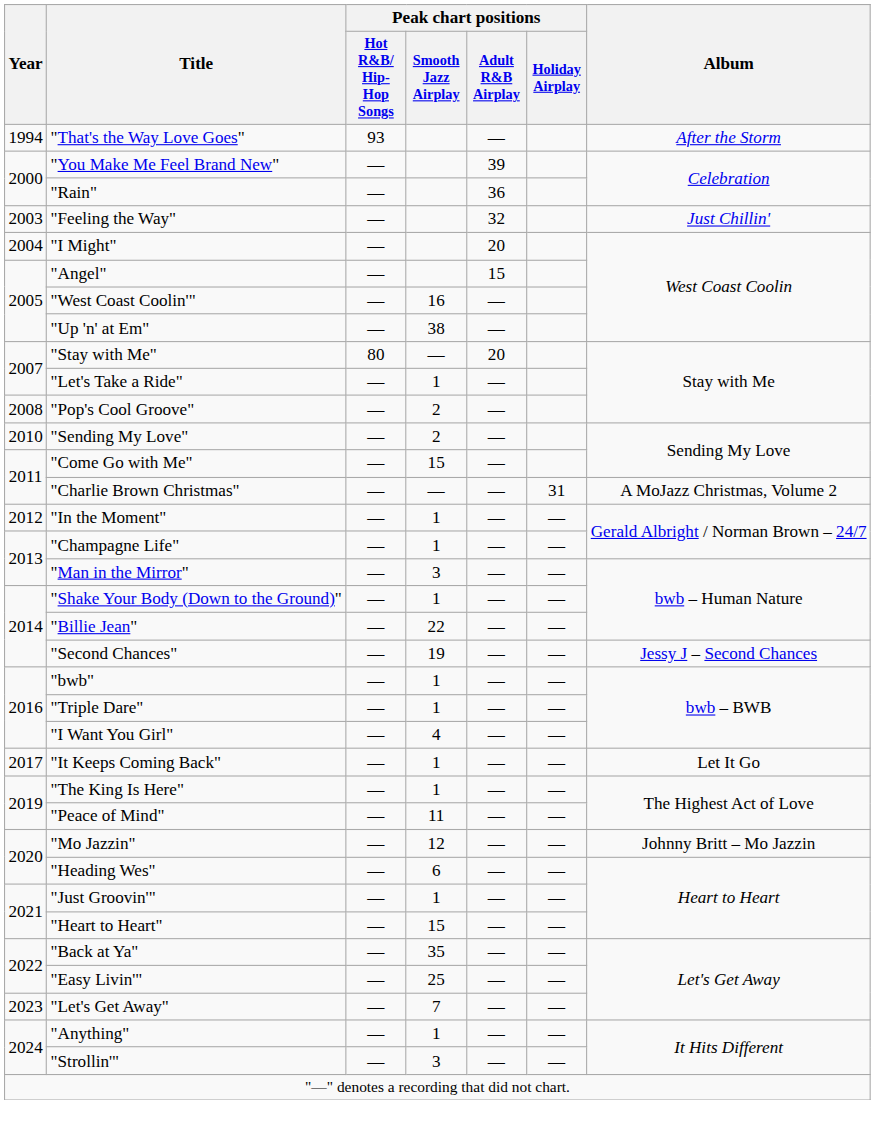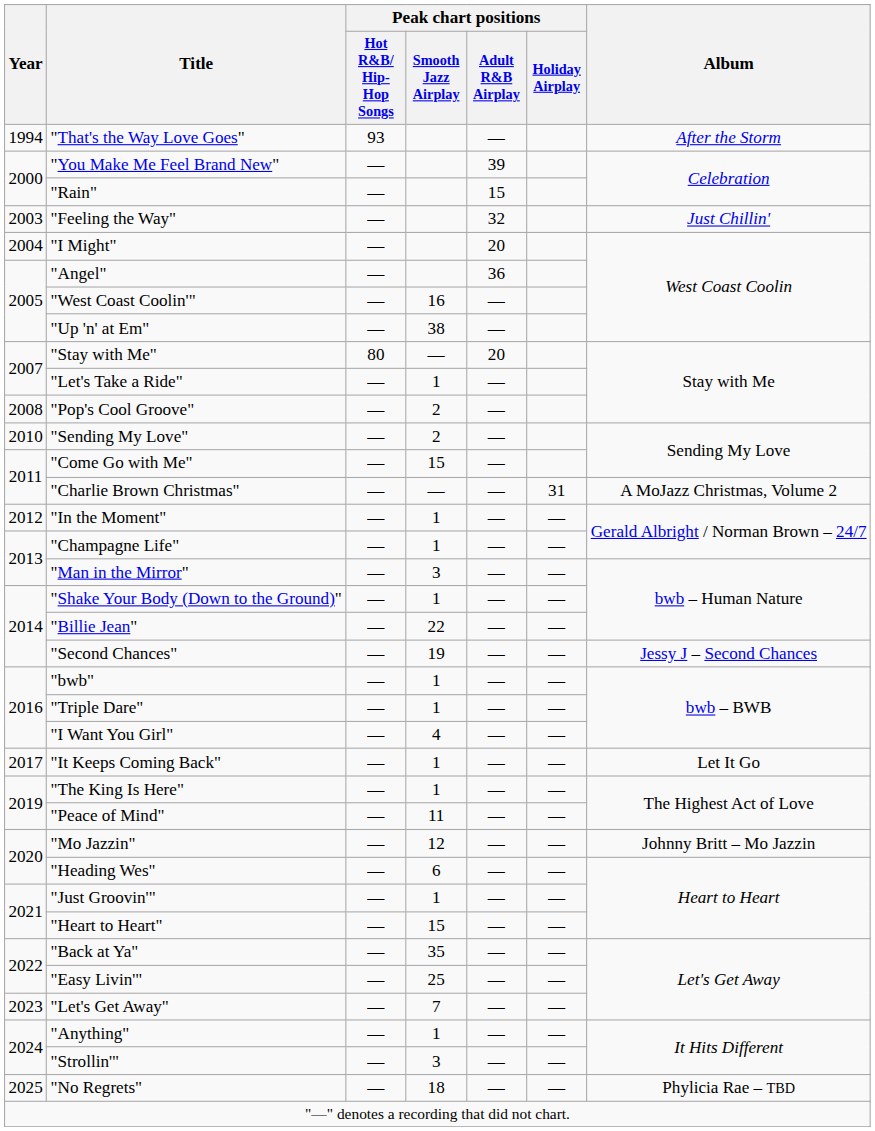 <table class="wikitable" style="text-align:center";>
 <tr>
 <th rowspan="2">Year</th>
 <th rowspan="2">Title</th>
 <th colspan="4">Peak chart positions</th>
 <th rowspan="2">Album</th>
 </tr>
 <tr style="font-size:smaller;">
 <th style="width:50px;"><a href='#'>Hot R&B/<br>Hip-Hop<br>Songs</a><br></th>
 <th style="width:50px;"><a href='#'>Smooth Jazz<br>Airplay</a><br></th>
 <th style="width:50px;"><a href='#'>Adult R&B<br>Airplay</a><br></th>
 <th style="width:50px;"><a href='#'>Holiday<br>Airplay</a><br></th>
 </tr>
 <tr>
 <td>1994</td>
 <td align="left">"<a href='#'>That's the Way Love Goes</a>"</td>
 <td>93</td>
 <td></td>
 <td>—</td>
 <td></td>
 <td><em><a href='#'>After the Storm</a></em></td>
 </tr>
 <tr>
 <td rowspan="2">2000</td>
 <td align="left">"<a href='#'>You Make Me Feel Brand New</a>"</td>
 <td>—</td>
 <td></td>
 <td>39</td>
 <td></td>
 <td rowspan="2"><em><a href='#'>Celebration</a></em></td>
 </tr>
 <tr>
 <td align="left">"Rain"</td>
 <td>—</td>
 <td></td>
-<td>36</td>
+<td>15</td>
 <td></td>
 </tr>
 <tr>
 <td>2003</td>
 <td align="left">"Feeling the Way"</td>
 <td>—</td>
 <td></td>
 <td>32</td>
 <td></td>
 <td><em><a href='#'>Just Chillin'</a></em></td>
 </tr>
 <tr>
 <td>2004</td>
 <td align="left">"I Might"</td>
 <td>—</td>
 <td></td>
 <td>20</td>
 <td></td>
 <td rowspan="4"><em>West Coast Coolin<strong></td>
 </tr>
 <tr>
 <td rowspan="3">2005</td>
 <td align="left">"Angel"</td>
 <td>—</td>
 <td></td>
-<td>15</td>
+<td>36</td>
 <td></td>
 </tr>
 <tr>
 <td align="left">"West Coast Coolin'"</td>
 <td>—</td>
 <td>16</td>
 <td>—</td>
 <td></td>
 </tr>
 <tr>
 <td align="left">"Up 'n' at Em"</td>
 <td>—</td>
 <td>38</td>
 <td>—</td>
 <td></td>
 </tr>
 <tr>
 <td rowspan="2">2007</td>
 <td align="left">"Stay with Me"</td>
 <td>80</td>
 <td>—</td>
 <td>20</td>
 <td></td>
 <td rowspan="3"></em>Stay with Me<em></td>
 </tr>
 <tr>
 <td align="left">"Let's Take a Ride"</td>
 <td>—</td>
 <td>1</td>
 <td>—</td>
 <td></td>
 </tr>
 <tr>
 <td>2008</td>
 <td align="left">"Pop's Cool Groove"</td>
 <td>—</td>
 <td>2</td>
 <td>—</td>
 <td></td>
 </tr>
 <tr>
 <td>2010</td>
 <td align="left">"Sending My Love"</td>
 <td>—</td>
 <td>2</td>
 <td>—</td>
 <td></td>
 <td rowspan="2"></em>Sending My Love<em></td>
 </tr>
 <tr>
 <td rowspan="2">2011</td>
 <td align="left">"Come Go with Me"</td>
 <td>—</td>
 <td>15</td>
 <td>—</td>
 <td></td>
 </tr>
 <tr>
 <td align="left">"Charlie Brown Christmas"</td>
 <td>—</td>
 <td>—</td>
 <td>—</td>
 <td>31</td>
 <td></em>A MoJazz Christmas, Volume 2<em></td>
 </tr>
 <tr>
 <td>2012</td>
 <td align="left">"In the Moment"<br></td>
 <td>—</td>
 <td>1</td>
 <td>—</td>
 <td>—</td>
 <td rowspan="2"><a href='#'>Gerald Albright</a> / Norman Brown – </em><a href='#'>24/7</a><em></td>
 </tr>
 <tr>
 <td rowspan="2">2013</td>
 <td align="left">"Champagne Life"<br></td>
 <td>—</td>
 <td>1</td>
 <td>—</td>
 <td>—</td>
 </tr>
 <tr>
 <td align="left">"<a href='#'>Man in the Mirror</a>"<br></td>
 <td>—</td>
 <td>3</td>
 <td>—</td>
 <td>—</td>
 <td rowspan="3"><a href='#'>bwb</a> – </em>Human Nature<em></td>
 </tr>
 <tr>
 <td rowspan="3">2014</td>
 <td align="left">"<a href='#'>Shake Your Body (Down to the Ground)</a>"<br></td>
 <td>—</td>
 <td>1</td>
 <td>—</td>
 <td>—</td>
 </tr>
 <tr>
 <td align="left">"<a href='#'>Billie Jean</a>"<br></td>
 <td>—</td>
 <td>22</td>
 <td>—</td>
 <td>—</td>
 </tr>
 <tr>
 <td align="left">"Second Chances"<br></td>
 <td>—</td>
 <td>19</td>
 <td>—</td>
 <td>—</td>
 <td><a href='#'>Jessy J</a> – </em><a href='#'>Second Chances</a><em></td>
 </tr>
 <tr>
 <td rowspan="3">2016</td>
 <td align="left">"bwb"<br></td>
 <td>—</td>
 <td>1</td>
 <td>—</td>
 <td>—</td>
 <td rowspan="3"><a href='#'>bwb</a> – </em>BWB<em></td>
 </tr>
 <tr>
 <td align="left">"Triple Dare"<br></td>
 <td>—</td>
 <td>1</td>
 <td>—</td>
 <td>—</td>
 </tr>
 <tr>
 <td align="left">"I Want You Girl"<br></td>
 <td>—</td>
 <td>4</td>
 <td>—</td>
 <td>—</td>
 </tr>
 <tr>
 <td>2017</td>
 <td align="left">"It Keeps Coming Back"</td>
 <td>—</td>
 <td>1</td>
 <td>—</td>
 <td>—</td>
 <td></em>Let It Go<em></td>
 </tr>
 <tr>
 <td rowspan="2">2019</td>
 <td align="left">"The King Is Here"</td>
 <td>—</td>
 <td>1</td>
 <td>—</td>
 <td>—</td>
 <td rowspan="2"></em>The Highest Act of Love<em></td>
 </tr>
 <tr>
 <td align="left">"Peace of Mind"</td>
 <td>—</td>
 <td>11</td>
 <td>—</td>
 <td>—</td>
 </tr>
 <tr>
 <td rowspan="2">2020</td>
 <td align="left">"Mo Jazzin"<br></td>
 <td>—</td>
 <td>12</td>
 <td>—</td>
 <td>—</td>
 <td>Johnny Britt – </em>Mo Jazzin</strong></td>
 </tr>
 <tr>
 <td align="left">"Heading Wes"</td>
 <td>—</td>
 <td>6</td>
 <td>—</td>
 <td>—</td>
 <td rowspan="3"><em>Heart to Heart</em></td>
 </tr>
 <tr>
 <td rowspan="2">2021</td>
 <td align="left">"Just Groovin'"</td>
 <td>—</td>
 <td>1</td>
 <td>—</td>
 <td>—</td>
 </tr>
 <tr>
 <td align="left">"Heart to Heart"</td>
 <td>—</td>
 <td>15</td>
 <td>—</td>
 <td>—</td>
 </tr>
 <tr>
 <td rowspan="2">2022</td>
 <td align="left">"Back at Ya"</td>
 <td>—</td>
 <td>35</td>
 <td>—</td>
 <td>—</td>
 <td rowspan="3"><em>Let's Get Away</em></td>
 </tr>
 <tr>
 <td align="left">"Easy Livin'"</td>
 <td>—</td>
 <td>25</td>
 <td>—</td>
 <td>—</td>
 </tr>
 <tr>
 <td>2023</td>
 <td align="left">"Let's Get Away"</td>
 <td>—</td>
 <td>7</td>
 <td>—</td>
 <td>—</td>
 </tr>
 <tr>
 <td rowspan="2">2024</td>
 <td align="left">"Anything"</td>
 <td>—</td>
 <td>1</td>
 <td>—</td>
 <td>—</td>
 <td rowspan="2"><em>It Hits Different</em></td>
 </tr>
 <tr>
 <td align="left">"Strollin'"<br></td>
 <td>—</td>
 <td>3</td>
 <td>—</td>
 <td>—</td>
 </tr>
 <tr>
+<td>2025</td>
+<td align="left">"No Regrets"<br></td>
+<td>—</td>
+<td>18</td>
+<td>—</td>
+<td>—</td>
+<td>Phylicia Rae – <small>TBD</small></td>
+</tr>
+<tr>
 <td colspan="7" style="font-size:90%">"—" denotes a recording that did not chart.</td>
 </tr>
 <tr>
 </tr>
 </table>
